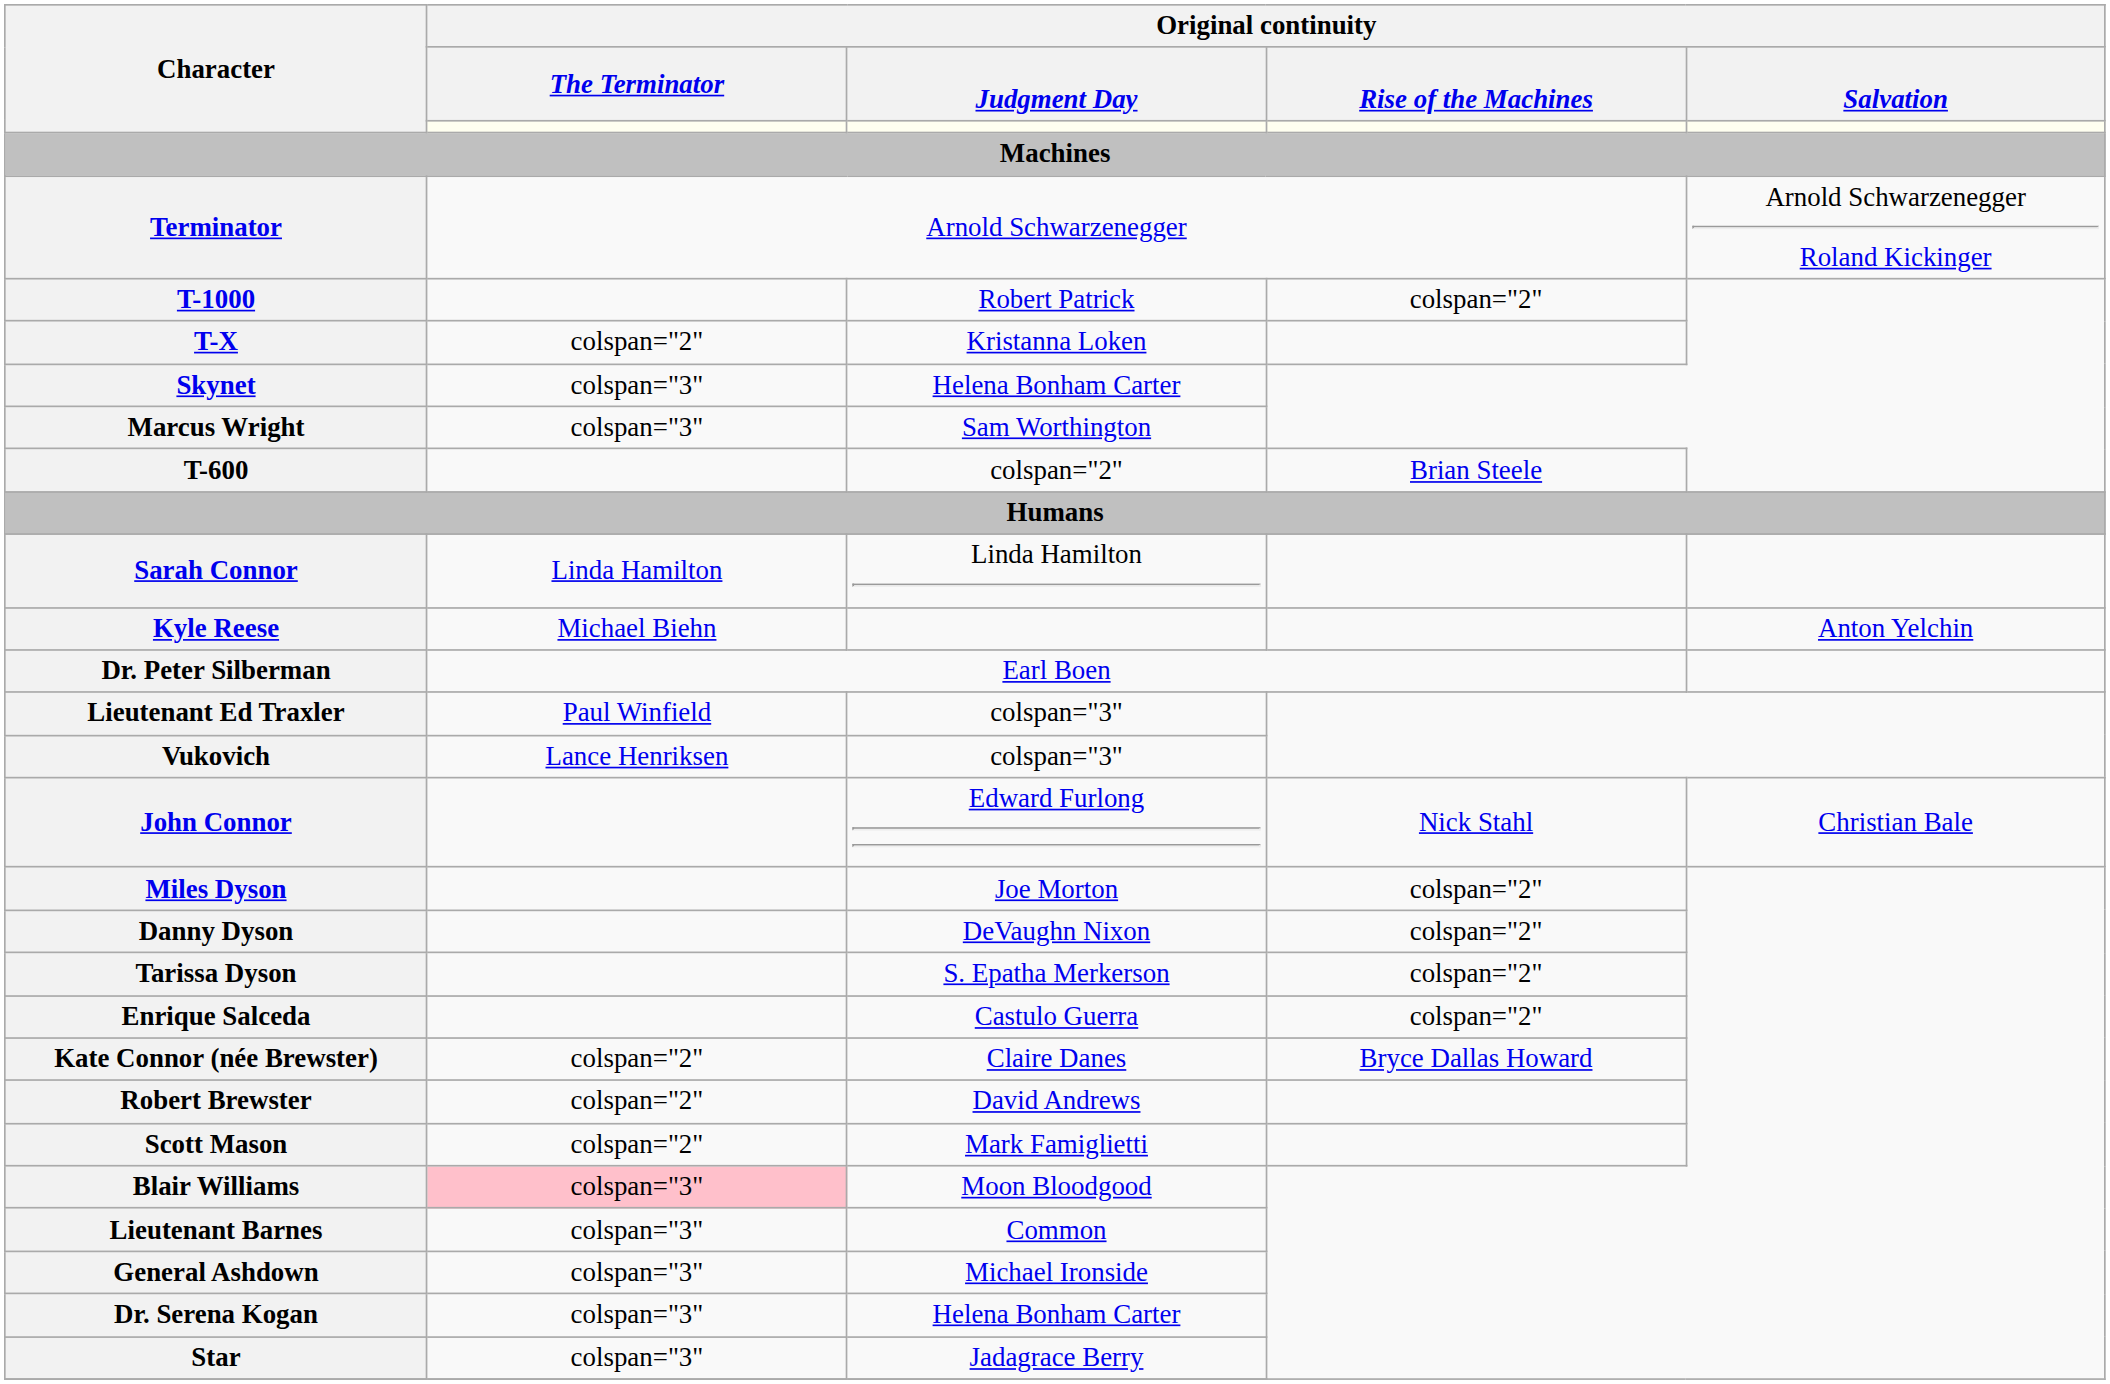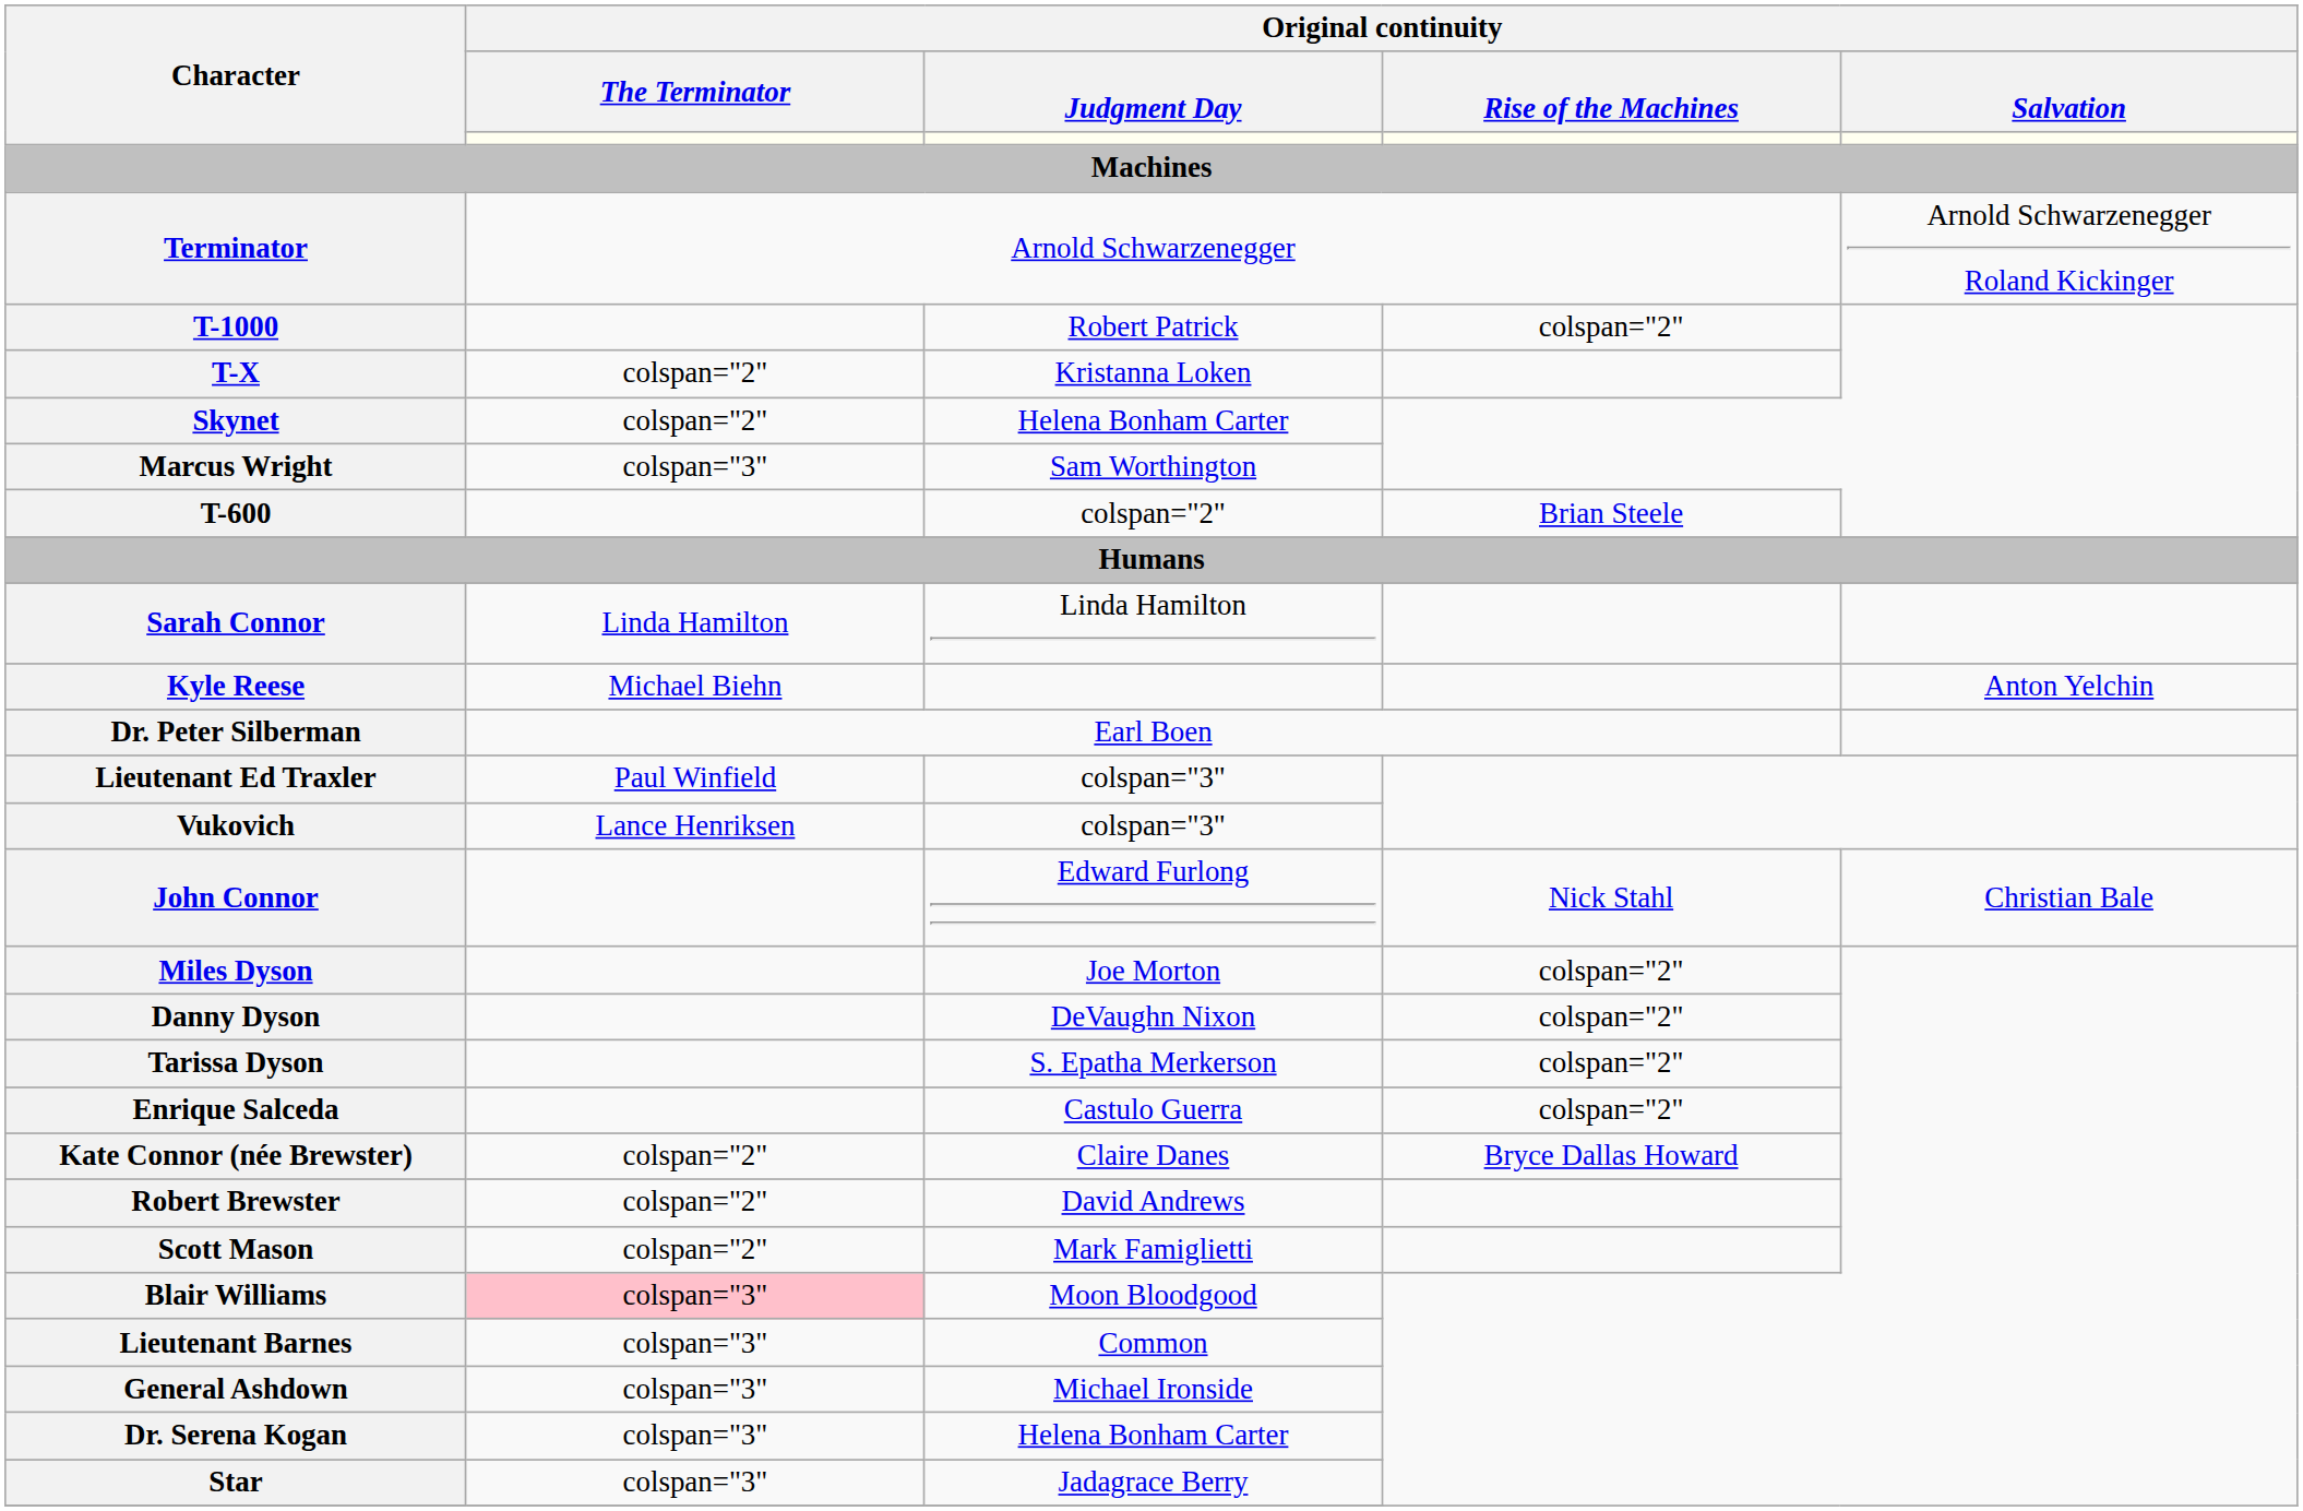 <table class="wikitable" style="text-align:center; width:99%; ">
 <tr>
 <th rowspan="3" style="width:15.1%;">Character</th>
 <th colspan="4" style="text-align:center;">Original continuity</th>
 </tr>
 <tr>
 <th style="text-align:center; width:15%;"><em><a href='#'>The Terminator</a></em></th>
 <th style="text-align:center; width:15%;"><em><a href='#'><br>Judgment Day</a></em></th>
 <th style="text-align:center; width:15%;"><em><a href='#'><br>Rise of the Machines</a></em></th>
 <th style="text-align:center; width:15%;"><em><a href='#'><br>Salvation</a></em></th>
 </tr>
 <tr>
 <td style="background:ivory;"></td>
 <td style="background:ivory;"></td>
 <td style="background:ivory;"></td>
 <td style="background:ivory;"></td>
 </tr>
 <tr>
 <th colspan="10" style="background-color:silver;"><strong>Machines</strong></th>
 </tr>
 <tr>
 <th><a href='#'>Terminator<br></a></th>
 <td colspan="3"><a href='#'>Arnold Schwarzenegger</a></td>
 <td>Arnold Schwarzenegger<hr><a href='#'>Roland Kickinger</a></td>
 </tr>
 <tr>
 <th><a href='#'>T-1000</a></th>
 <td></td>
 <td><a href='#'>Robert Patrick</a></td>
 <td>colspan="2" </td>
 </tr>
 <tr>
 <th><a href='#'>T-X</a></th>
 <td>colspan="2" </td>
 <td><a href='#'>Kristanna Loken</a></td>
 <td></td>
 </tr>
 <tr>
 <th><a href='#'>Skynet<br></a></th>
-<td>colspan="3" </td>
+<td>colspan="2" </td>
 <td><a href='#'>Helena Bonham Carter</a></td>
 </tr>
 <tr>
 <th>Marcus Wright<br></th>
 <td>colspan="3" </td>
 <td><a href='#'>Sam Worthington</a></td>
 </tr>
 <tr>
 <th>T-600</th>
 <td></td>
 <td>colspan="2" </td>
 <td><a href='#'>Brian Steele</a></td>
 </tr>
 <tr>
 <th colspan="10" style="background-color:silver;"><strong>Humans</strong></th>
 </tr>
 <tr>
 <th><a href='#'>Sarah Connor</a></th>
 <td><a href='#'>Linda Hamilton</a></td>
 <td>Linda Hamilton<hr></td>
 <td></td>
 <td></td>
 </tr>
 <tr>
 <th><a href='#'>Kyle Reese</a></th>
 <td><a href='#'>Michael Biehn</a></td>
 <td></td>
 <td></td>
 <td><a href='#'>Anton Yelchin</a></td>
 </tr>
 <tr>
 <th>Dr. Peter Silberman</th>
 <td colspan="3"><a href='#'>Earl Boen</a></td>
 <td></td>
 </tr>
 <tr>
 <th>Lieutenant Ed Traxler</th>
 <td><a href='#'>Paul Winfield</a></td>
 <td>colspan="3" </td>
 </tr>
 <tr>
 <th>Vukovich</th>
 <td><a href='#'>Lance Henriksen</a></td>
 <td>colspan="3" </td>
 </tr>
 <tr>
 <th><a href='#'>John Connor</a></th>
 <td></td>
 <td><a href='#'>Edward Furlong</a><hr><hr></td>
 <td><a href='#'>Nick Stahl</a></td>
 <td><a href='#'>Christian Bale</a></td>
 </tr>
 <tr>
 <th><a href='#'>Miles Dyson</a></th>
 <td></td>
 <td><a href='#'>Joe Morton</a></td>
 <td>colspan="2" </td>
 </tr>
 <tr>
 <th>Danny Dyson</th>
 <td></td>
 <td><a href='#'>DeVaughn Nixon</a></td>
 <td>colspan="2" </td>
 </tr>
 <tr>
 <th>Tarissa Dyson</th>
 <td></td>
 <td><a href='#'>S. Epatha Merkerson</a></td>
 <td>colspan="2" </td>
 </tr>
 <tr>
 <th>Enrique Salceda</th>
 <td></td>
 <td><a href='#'>Castulo Guerra</a></td>
 <td>colspan="2" </td>
 </tr>
 <tr>
 <th>Kate Connor (née Brewster)</th>
 <td>colspan="2" </td>
 <td><a href='#'>Claire Danes</a></td>
 <td><a href='#'>Bryce Dallas Howard</a></td>
 </tr>
 <tr>
 <th>Robert Brewster</th>
 <td>colspan="2" </td>
 <td><a href='#'>David Andrews</a></td>
 <td></td>
 </tr>
 <tr>
 <th>Scott Mason</th>
 <td>colspan="2" </td>
 <td><a href='#'>Mark Famiglietti</a></td>
 <td></td>
 </tr>
 <tr>
 <th>Blair Williams</th>
 <td style="background: pink;">colspan="3" </td>
 <td><a href='#'>Moon Bloodgood</a></td>
 </tr>
 <tr>
 <th>Lieutenant Barnes</th>
 <td>colspan="3" </td>
 <td><a href='#'>Common</a></td>
 </tr>
 <tr>
 <th>General Ashdown</th>
 <td>colspan="3" </td>
 <td><a href='#'>Michael Ironside</a></td>
 </tr>
 <tr>
 <th>Dr. Serena Kogan</th>
 <td>colspan="3" </td>
 <td><a href='#'>Helena Bonham Carter</a></td>
 </tr>
 <tr>
 <th>Star</th>
 <td>colspan="3" </td>
 <td><a href='#'>Jadagrace Berry</a></td>
 </tr>
 <tr>
 </tr>
 </table>
